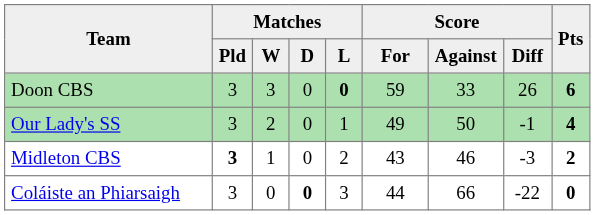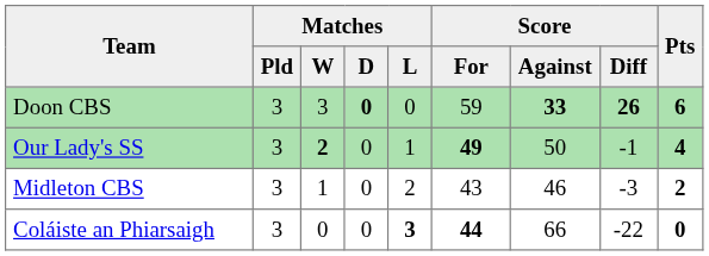 <table style=border-collapse:collapse border=1 cellspacing=0 cellpadding=5>
 <tr align=center bgcolor=#efefef>
 <th rowspan=2 width=165>Team</th>
 <th colspan=4>Matches</th>
 <th colspan=3>Score</th>
 <th rowspan=2width=20>Pts</th>
 </tr>
 <tr align=center bgcolor=#efefef>
 <th width=20>Pld</th>
 <th width=20>W</th>
 <th width=20>D</th>
 <th width=20>L</th>
 <th width=45>For</th>
 <th width=45>Against</th>
 <th width=30>Diff</th>
 </tr>
 <tr align=center style="background:#ACE1AF;">
 <td style="text-align:left;">Doon CBS</td>
 <td>3</td>
 <td>3</td>
+<td><strong>0</strong></td>
 <td>0</td>
-<td><strong>0</strong></td>
 <td>59</td>
-<td>33</td>
-<td>26</td>
+<td><strong>33</strong></td>
+<td><strong>26</strong></td>
 <td><strong>6</strong></td>
 </tr>
 <tr align=center style="background:#ACE1AF;">
 <td style="text-align:left;"><a href='#'>Our Lady's SS</a></td>
 <td>3</td>
-<td>2</td>
+<td><strong>2</strong></td>
 <td>0</td>
 <td>1</td>
-<td>49</td>
+<td><strong>49</strong></td>
 <td>50</td>
 <td>-1</td>
 <td><strong>4</strong></td>
 </tr>
 <tr align=center>
 <td style="text-align:left;"><a href='#'>Midleton CBS</a></td>
-<td><strong>3</strong></td>
+<td>3</td>
 <td>1</td>
 <td>0</td>
 <td>2</td>
 <td>43</td>
 <td>46</td>
 <td>-3</td>
 <td><strong>2</strong></td>
 </tr>
 <tr align=center>
 <td style="text-align:left;"><a href='#'>Coláiste an Phiarsaigh</a></td>
 <td>3</td>
 <td>0</td>
-<td><strong>0</strong></td>
-<td>3</td>
-<td>44</td>
+<td>0</td>
+<td><strong>3</strong></td>
+<td><strong>44</strong></td>
 <td>66</td>
 <td>-22</td>
 <td><strong>0</strong></td>
 </tr>
 </table>
